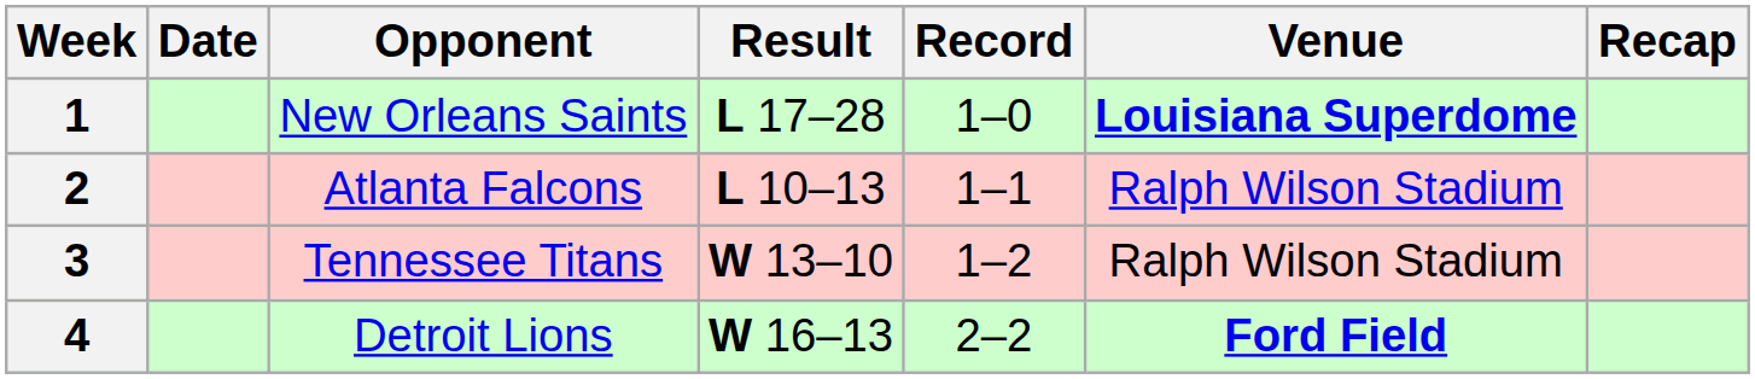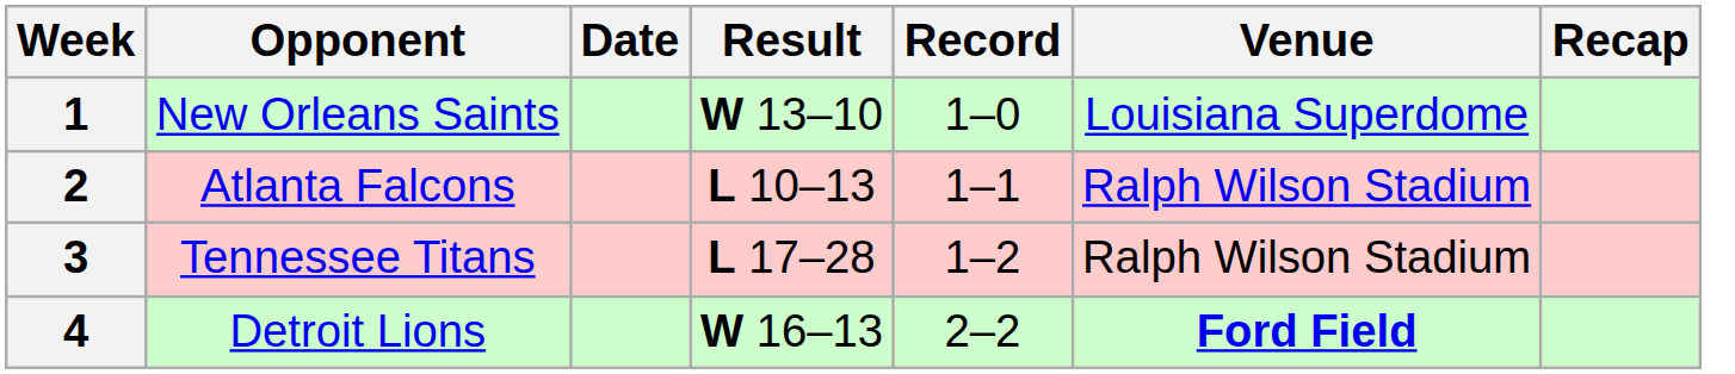 <table class="wikitable" style="text-align:center">
 <tr>
 <th>Week</th>
+<th>Opponent</th>
 <th>Date</th>
-<th>Opponent</th>
 <th>Result</th>
 <th>Record</th>
 <th>Venue</th>
 <th>Recap</th>
 </tr>
 <tr style="background:#cfc">
 <th>1</th>
+<td><a href='#'>New Orleans Saints</a></td>
 <td></td>
-<td><a href='#'>New Orleans Saints</a></td>
-<td><strong>L</strong> 17–28</td>
+<td><strong>W</strong> 13–10</td>
 <td>1–0</td>
-<td><strong><a href='#'>Louisiana Superdome</a></strong></td>
+<td><a href='#'>Louisiana Superdome</a></td>
 <td></td>
 </tr>
 <tr style="background:#fcc">
 <th>2</th>
+<td><a href='#'>Atlanta Falcons</a></td>
 <td></td>
-<td><a href='#'>Atlanta Falcons</a></td>
 <td><strong>L</strong> 10–13</td>
 <td>1–1</td>
 <td><a href='#'>Ralph Wilson Stadium</a></td>
 <td></td>
 </tr>
 <tr style="background:#fcc">
 <th>3</th>
+<td><a href='#'>Tennessee Titans</a></td>
 <td></td>
-<td><a href='#'>Tennessee Titans</a></td>
-<td><strong>W</strong> 13–10</td>
+<td><strong>L</strong> 17–28</td>
 <td>1–2</td>
 <td>Ralph Wilson Stadium</td>
 <td></td>
 </tr>
 <tr style="background:#cfc">
 <th>4</th>
+<td><a href='#'>Detroit Lions</a></td>
 <td></td>
-<td><a href='#'>Detroit Lions</a></td>
 <td><strong>W</strong> 16–13</td>
 <td>2–2</td>
 <td><strong><a href='#'>Ford Field</a></strong></td>
 <td></td>
 </tr>
 </table>
